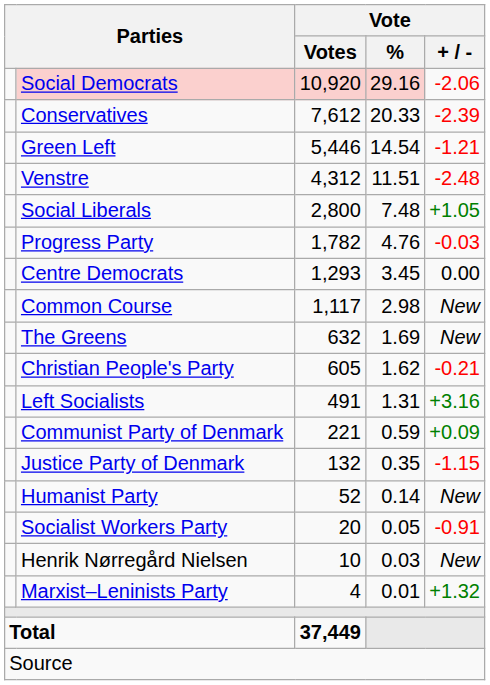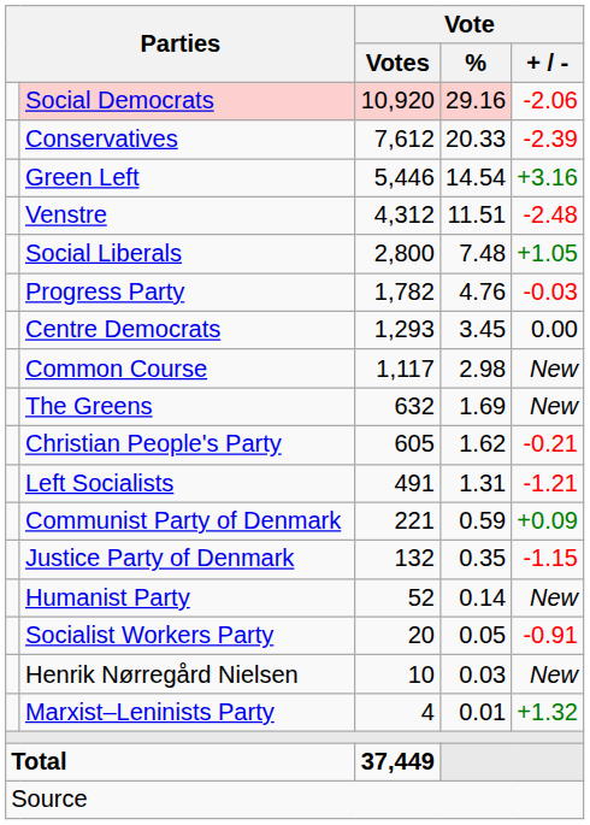 <table class="wikitable" style="text-align:right;">
 <tr>
 <th style="text-align:centre;" rowspan="2" colspan="2" width="225">Parties</th>
 <th colspan="3">Vote</th>
 </tr>
 <tr>
 <th width="15">Votes</th>
 <th width="15">%</th>
 <th width="15">+ / -</th>
 </tr>
 <tr>
 <td width="2" style="color:inherit;background:"></td>
 <td bgcolor=#fbd0ce  align="left"><a href='#'>Social Democrats</a></td>
 <td bgcolor=#fbd0ce>10,920</td>
 <td bgcolor=#fbd0ce>29.16</td>
 <td style=color:red;>-2.06</td>
 </tr>
 <tr>
 <td width="2" style="color:inherit;background:"></td>
 <td align="left"><a href='#'>Conservatives</a></td>
 <td>7,612</td>
 <td>20.33</td>
 <td style=color:red;>-2.39</td>
 </tr>
 <tr>
 <td width="2" style="color:inherit;background:"></td>
 <td align="left"><a href='#'>Green Left</a></td>
 <td>5,446</td>
 <td>14.54</td>
-<td style=color:red;>-1.21</td>
+<td style=color:green;>+3.16</td>
 </tr>
 <tr>
 <td width="2" style="color:inherit;background:"></td>
 <td align="left"><a href='#'>Venstre</a></td>
 <td>4,312</td>
 <td>11.51</td>
 <td style=color:red;>-2.48</td>
 </tr>
 <tr>
 <td width="2" style="color:inherit;background:"></td>
 <td align="left"><a href='#'>Social Liberals</a></td>
 <td>2,800</td>
 <td>7.48</td>
 <td style=color:green;>+1.05</td>
 </tr>
 <tr>
 <td width="2" style="color:inherit;background:"></td>
 <td align="left"><a href='#'>Progress Party</a></td>
 <td>1,782</td>
 <td>4.76</td>
 <td style=color:red;>-0.03</td>
 </tr>
 <tr>
 <td width="2" style="color:inherit;background:"></td>
 <td align="left"><a href='#'>Centre Democrats</a></td>
 <td>1,293</td>
 <td>3.45</td>
 <td>0.00</td>
 </tr>
 <tr>
 <td width="2" style="color:inherit;background:"></td>
 <td align="left"><a href='#'>Common Course</a></td>
 <td>1,117</td>
 <td>2.98</td>
 <td><em>New</em></td>
 </tr>
 <tr>
 <td width="2" style="color:inherit;background:"></td>
 <td align="left"><a href='#'>The Greens</a></td>
 <td>632</td>
 <td>1.69</td>
 <td><em>New</em></td>
 </tr>
 <tr>
 <td width="2" style="color:inherit;background:"></td>
 <td align="left"><a href='#'>Christian People's Party</a></td>
 <td>605</td>
 <td>1.62</td>
 <td style=color:red;>-0.21</td>
 </tr>
 <tr>
 <td width="2" style="color:inherit;background:"></td>
 <td align="left"><a href='#'>Left Socialists</a></td>
 <td>491</td>
 <td>1.31</td>
-<td style=color:green;>+3.16</td>
+<td style=color:red;>-1.21</td>
 </tr>
 <tr>
 <td width="2" style="color:inherit;background:"></td>
 <td align="left"><a href='#'>Communist Party of Denmark</a></td>
 <td>221</td>
 <td>0.59</td>
 <td style=color:green;>+0.09</td>
 </tr>
 <tr>
 <td width="2" style="color:inherit;background:"></td>
 <td align="left"><a href='#'>Justice Party of Denmark</a></td>
 <td>132</td>
 <td>0.35</td>
 <td style=color:red;>-1.15</td>
 </tr>
 <tr>
 <td width="2" style="color:inherit;background:"></td>
 <td align="left"><a href='#'>Humanist Party</a></td>
 <td>52</td>
 <td>0.14</td>
 <td><em>New</em></td>
 </tr>
 <tr>
 <td width="2" style="color:inherit;background:"></td>
 <td align="left"><a href='#'>Socialist Workers Party</a></td>
 <td>20</td>
 <td>0.05</td>
 <td style=color:red;>-0.91</td>
 </tr>
 <tr>
 <td width="2" style="color:inherit;background:"></td>
 <td align="left">Henrik Nørregård Nielsen</td>
 <td>10</td>
 <td>0.03</td>
 <td><em>New</em></td>
 </tr>
 <tr>
 <td width="2" style="color:inherit;background:"></td>
 <td align="left"><a href='#'>Marxist–Leninists Party</a></td>
 <td>4</td>
 <td>0.01</td>
 <td style=color:green;>+1.32</td>
 </tr>
 <tr>
 <td colspan="7" bgcolor="#E9E9E9"></td>
 </tr>
 <tr>
 <td align="left" colspan="2"><strong>Total</strong></td>
 <td><strong>37,449</strong></td>
 <td bgcolor="#E9E9E9" colspan="2"></td>
 </tr>
 <tr>
 <td align="left" colspan="6">Source</td>
 </tr>
 </table>
